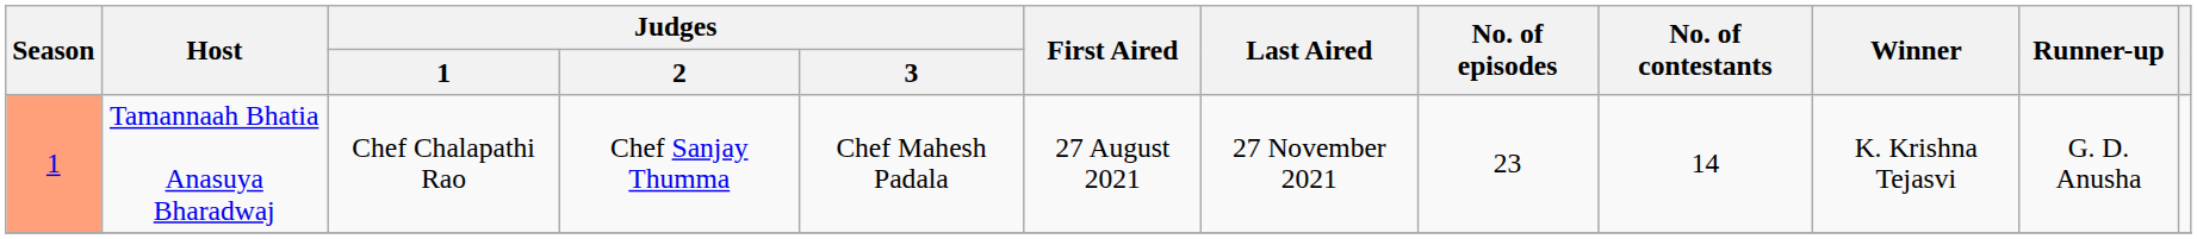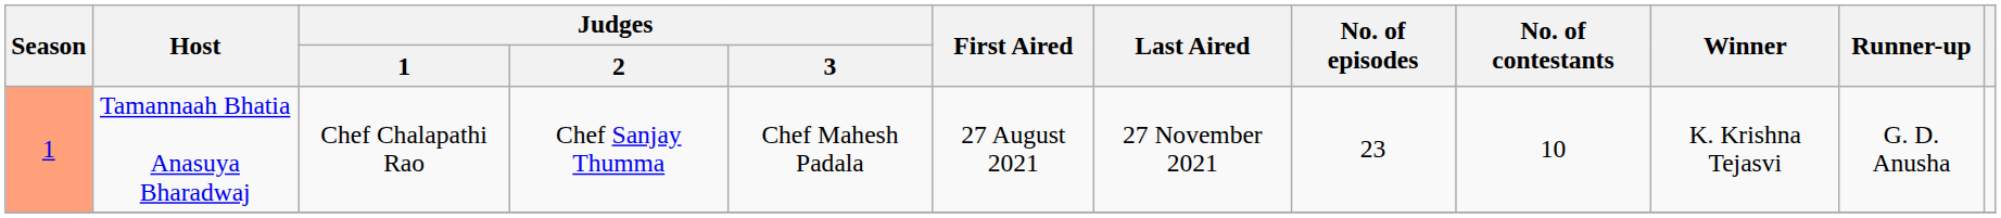 <table class="wikitable" style="text-align:center;">
 <tr>
 <th rowspan="2">Season</th>
 <th rowspan="2">Host</th>
 <th colspan="3">Judges</th>
 <th rowspan="2">First Aired</th>
 <th rowspan="2">Last Aired</th>
 <th rowspan="2">No. of episodes</th>
 <th rowspan="2">No. of contestants</th>
 <th rowspan="2">Winner</th>
 <th rowspan="2">Runner-up</th>
 <th rowspan="2"></th>
 </tr>
 <tr>
 <th>1</th>
 <th>2</th>
 <th>3</th>
 </tr>
 <tr>
 <td style="background: lightsalmon;"><a href='#'>1</a></td>
 <td><a href='#'>Tamannaah Bhatia</a><br><br><a href='#'>Anasuya Bharadwaj</a><br></td>
 <td>Chef Chalapathi Rao</td>
 <td>Chef <a href='#'>Sanjay Thumma</a></td>
 <td>Chef Mahesh Padala</td>
 <td>27 August 2021</td>
 <td>27 November 2021</td>
 <td>23</td>
-<td>14</td>
+<td>10</td>
 <td>K. Krishna Tejasvi</td>
 <td>G. D. Anusha</td>
 <td></td>
 </tr>
 <tr>
 </tr>
 </table>
